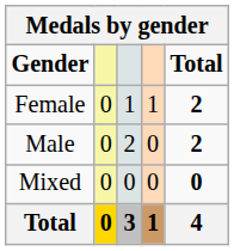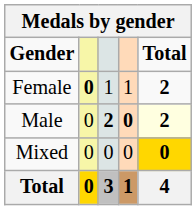 <table class="wikitable" style="font-size:85%">
 <tr style="background:#efefef;">
 <th colspan=7><strong>Medals by gender</strong></th>
 </tr>
 <tr align=center>
 <td><strong>Gender</strong></td>
 <td bgcolor=#f7f6a8></td>
 <td bgcolor=#dce5e5></td>
 <td bgcolor=#ffdab9></td>
 <td><strong>Total</strong></td>
 </tr>
 <tr align=center>
 <td>Female</td>
-<td style="background:#F7F6A8;">0</td>
+<td style="background:#F7F6A8;"><strong>0</strong></td>
 <td style="background:#DCE5E5;">1</td>
 <td style="background:#FFDAB9;">1</td>
 <td><strong>2</strong></td>
 </tr>
 <tr align=center>
 <td>Male</td>
 <td style="background:#F7F6A8;">0</td>
-<td style="background:#DCE5E5;">2</td>
-<td style="background:#FFDAB9;">0</td>
-<td><strong>2</strong></td>
+<td style="background:#DCE5E5;"><strong>2</strong></td>
+<td style="background:#FFDAB9;"><strong>0</strong></td>
+<td style="background: lightyellow;"><strong>2</strong></td>
 </tr>
 <tr align=center>
 <td>Mixed</td>
 <td style="background:#F7F6A8;">0</td>
 <td style="background:#DCE5E5;">0</td>
 <td style="background:#FFDAB9;">0</td>
-<td><strong>0</strong></td>
+<td style="background: gold;"><strong>0</strong></td>
 </tr>
 <tr align=center>
 <th><strong>Total</strong></th>
 <th style="background:gold;"><strong>0</strong></th>
 <th style="background:silver;"><strong>3</strong></th>
 <th style="background:#c96;"><strong>1</strong></th>
 <th><strong>4</strong></th>
 </tr>
 </table>
